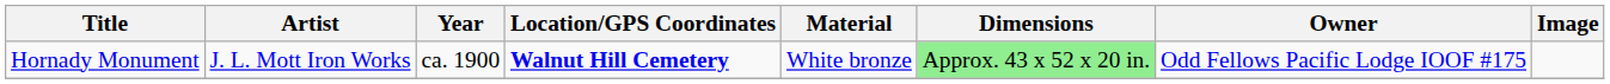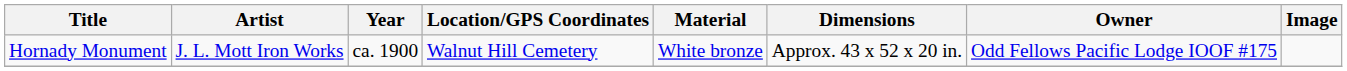 <table class="wikitable sortable">
 <tr>
 <th>Title</th>
 <th>Artist</th>
 <th>Year</th>
 <th>Location/GPS Coordinates</th>
 <th>Material</th>
 <th>Dimensions</th>
 <th>Owner</th>
 <th>Image</th>
 </tr>
 <tr>
 <td><a href='#'>Hornady Monument</a></td>
 <td><a href='#'>J. L. Mott Iron Works</a></td>
 <td>ca. 1900</td>
-<td><strong><a href='#'>Walnut Hill Cemetery</a></strong></td>
+<td><a href='#'>Walnut Hill Cemetery</a></td>
 <td><a href='#'>White bronze</a></td>
-<td style="background: lightgreen;">Approx. 43 x 52 x 20 in.</td>
+<td>Approx. 43 x 52 x 20 in.</td>
 <td><a href='#'>Odd Fellows Pacific Lodge IOOF #175</a></td>
 <td></td>
 </tr>
 <tr>
 </tr>
 </table>
